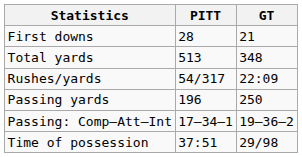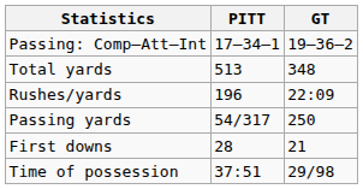 <table class="wikitable" style="float: left;">
 <tr>
 <th>Statistics</th>
 <th>PITT</th>
 <th>GT</th>
 </tr>
 <tr>
-<td>First downs</td>
-<td>28</td>
-<td>21</td>
+<td>Passing: Comp–Att–Int</td>
+<td>17–34–1</td>
+<td>19–36–2</td>
 </tr>
 <tr>
 <td>Total yards</td>
 <td>513</td>
 <td>348</td>
 </tr>
 <tr>
 <td>Rushes/yards</td>
-<td>54/317</td>
+<td>196</td>
 <td>22:09</td>
 </tr>
 <tr>
 <td>Passing yards</td>
-<td>196</td>
+<td>54/317</td>
 <td>250</td>
 </tr>
 <tr>
-<td>Passing: Comp–Att–Int</td>
-<td>17–34–1</td>
-<td>19–36–2</td>
+<td>First downs</td>
+<td>28</td>
+<td>21</td>
 </tr>
 <tr>
 <td>Time of possession</td>
 <td>37:51</td>
 <td>29/98</td>
 </tr>
 <tr>
 </tr>
 </table>
